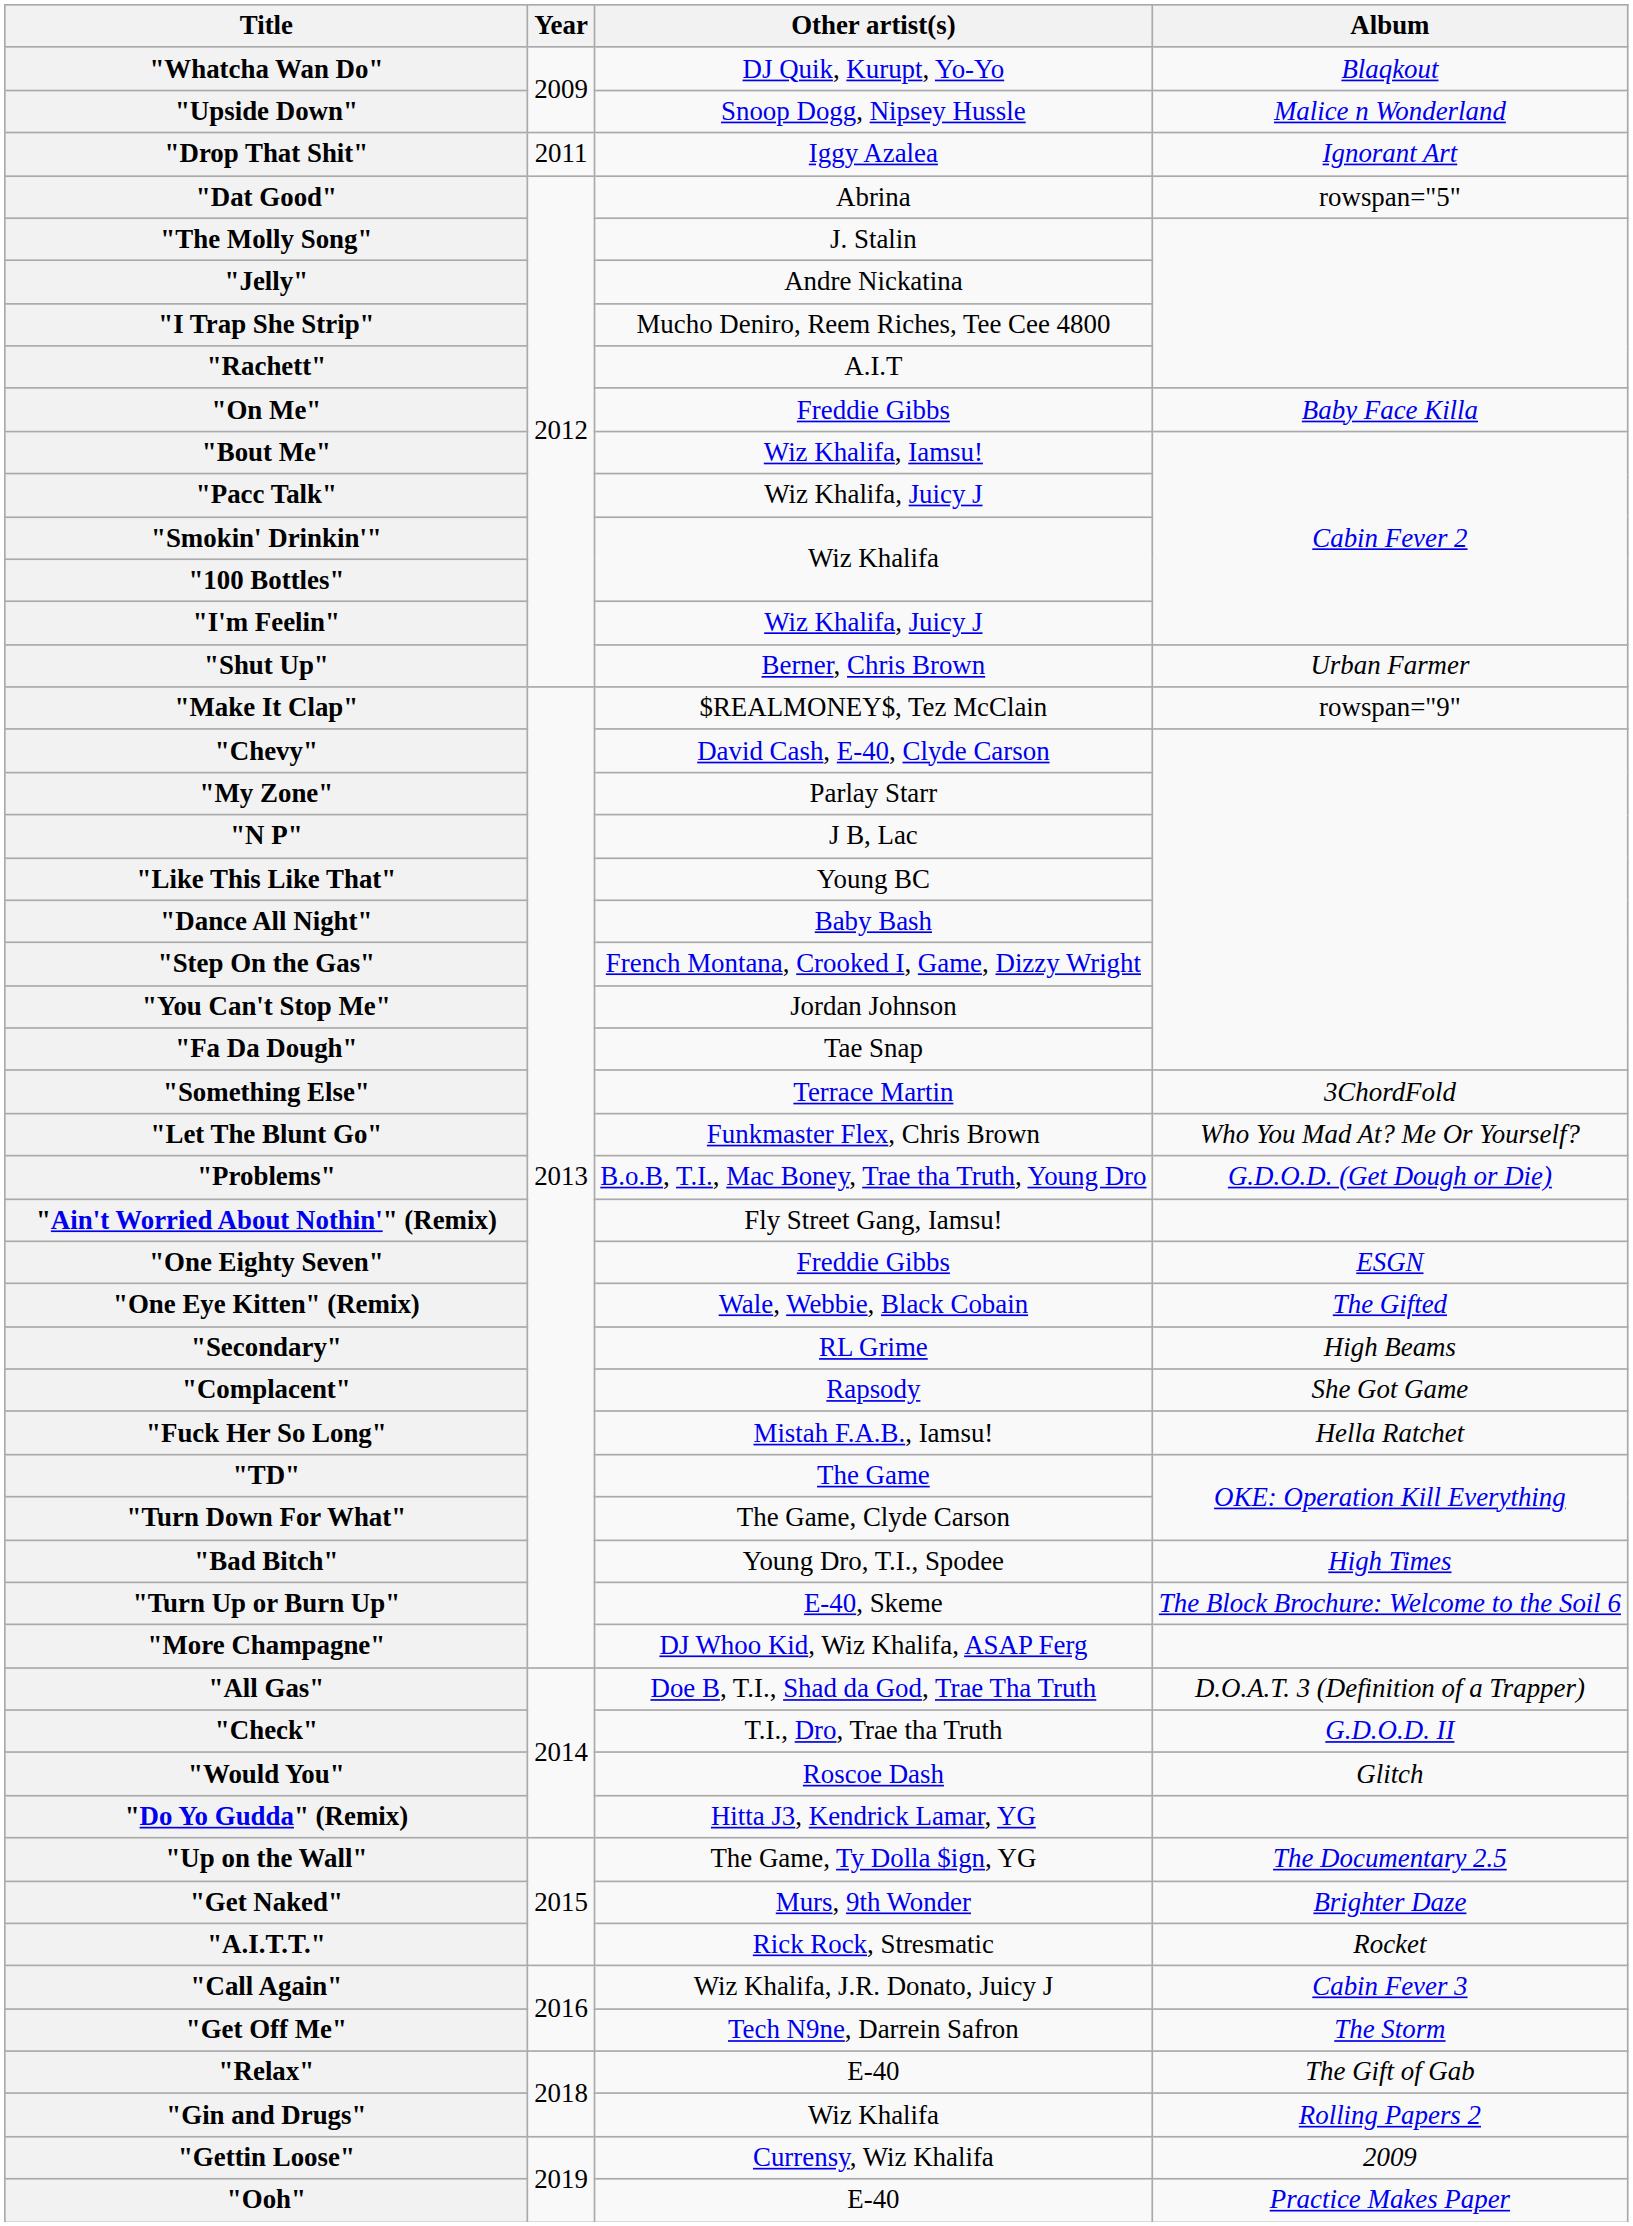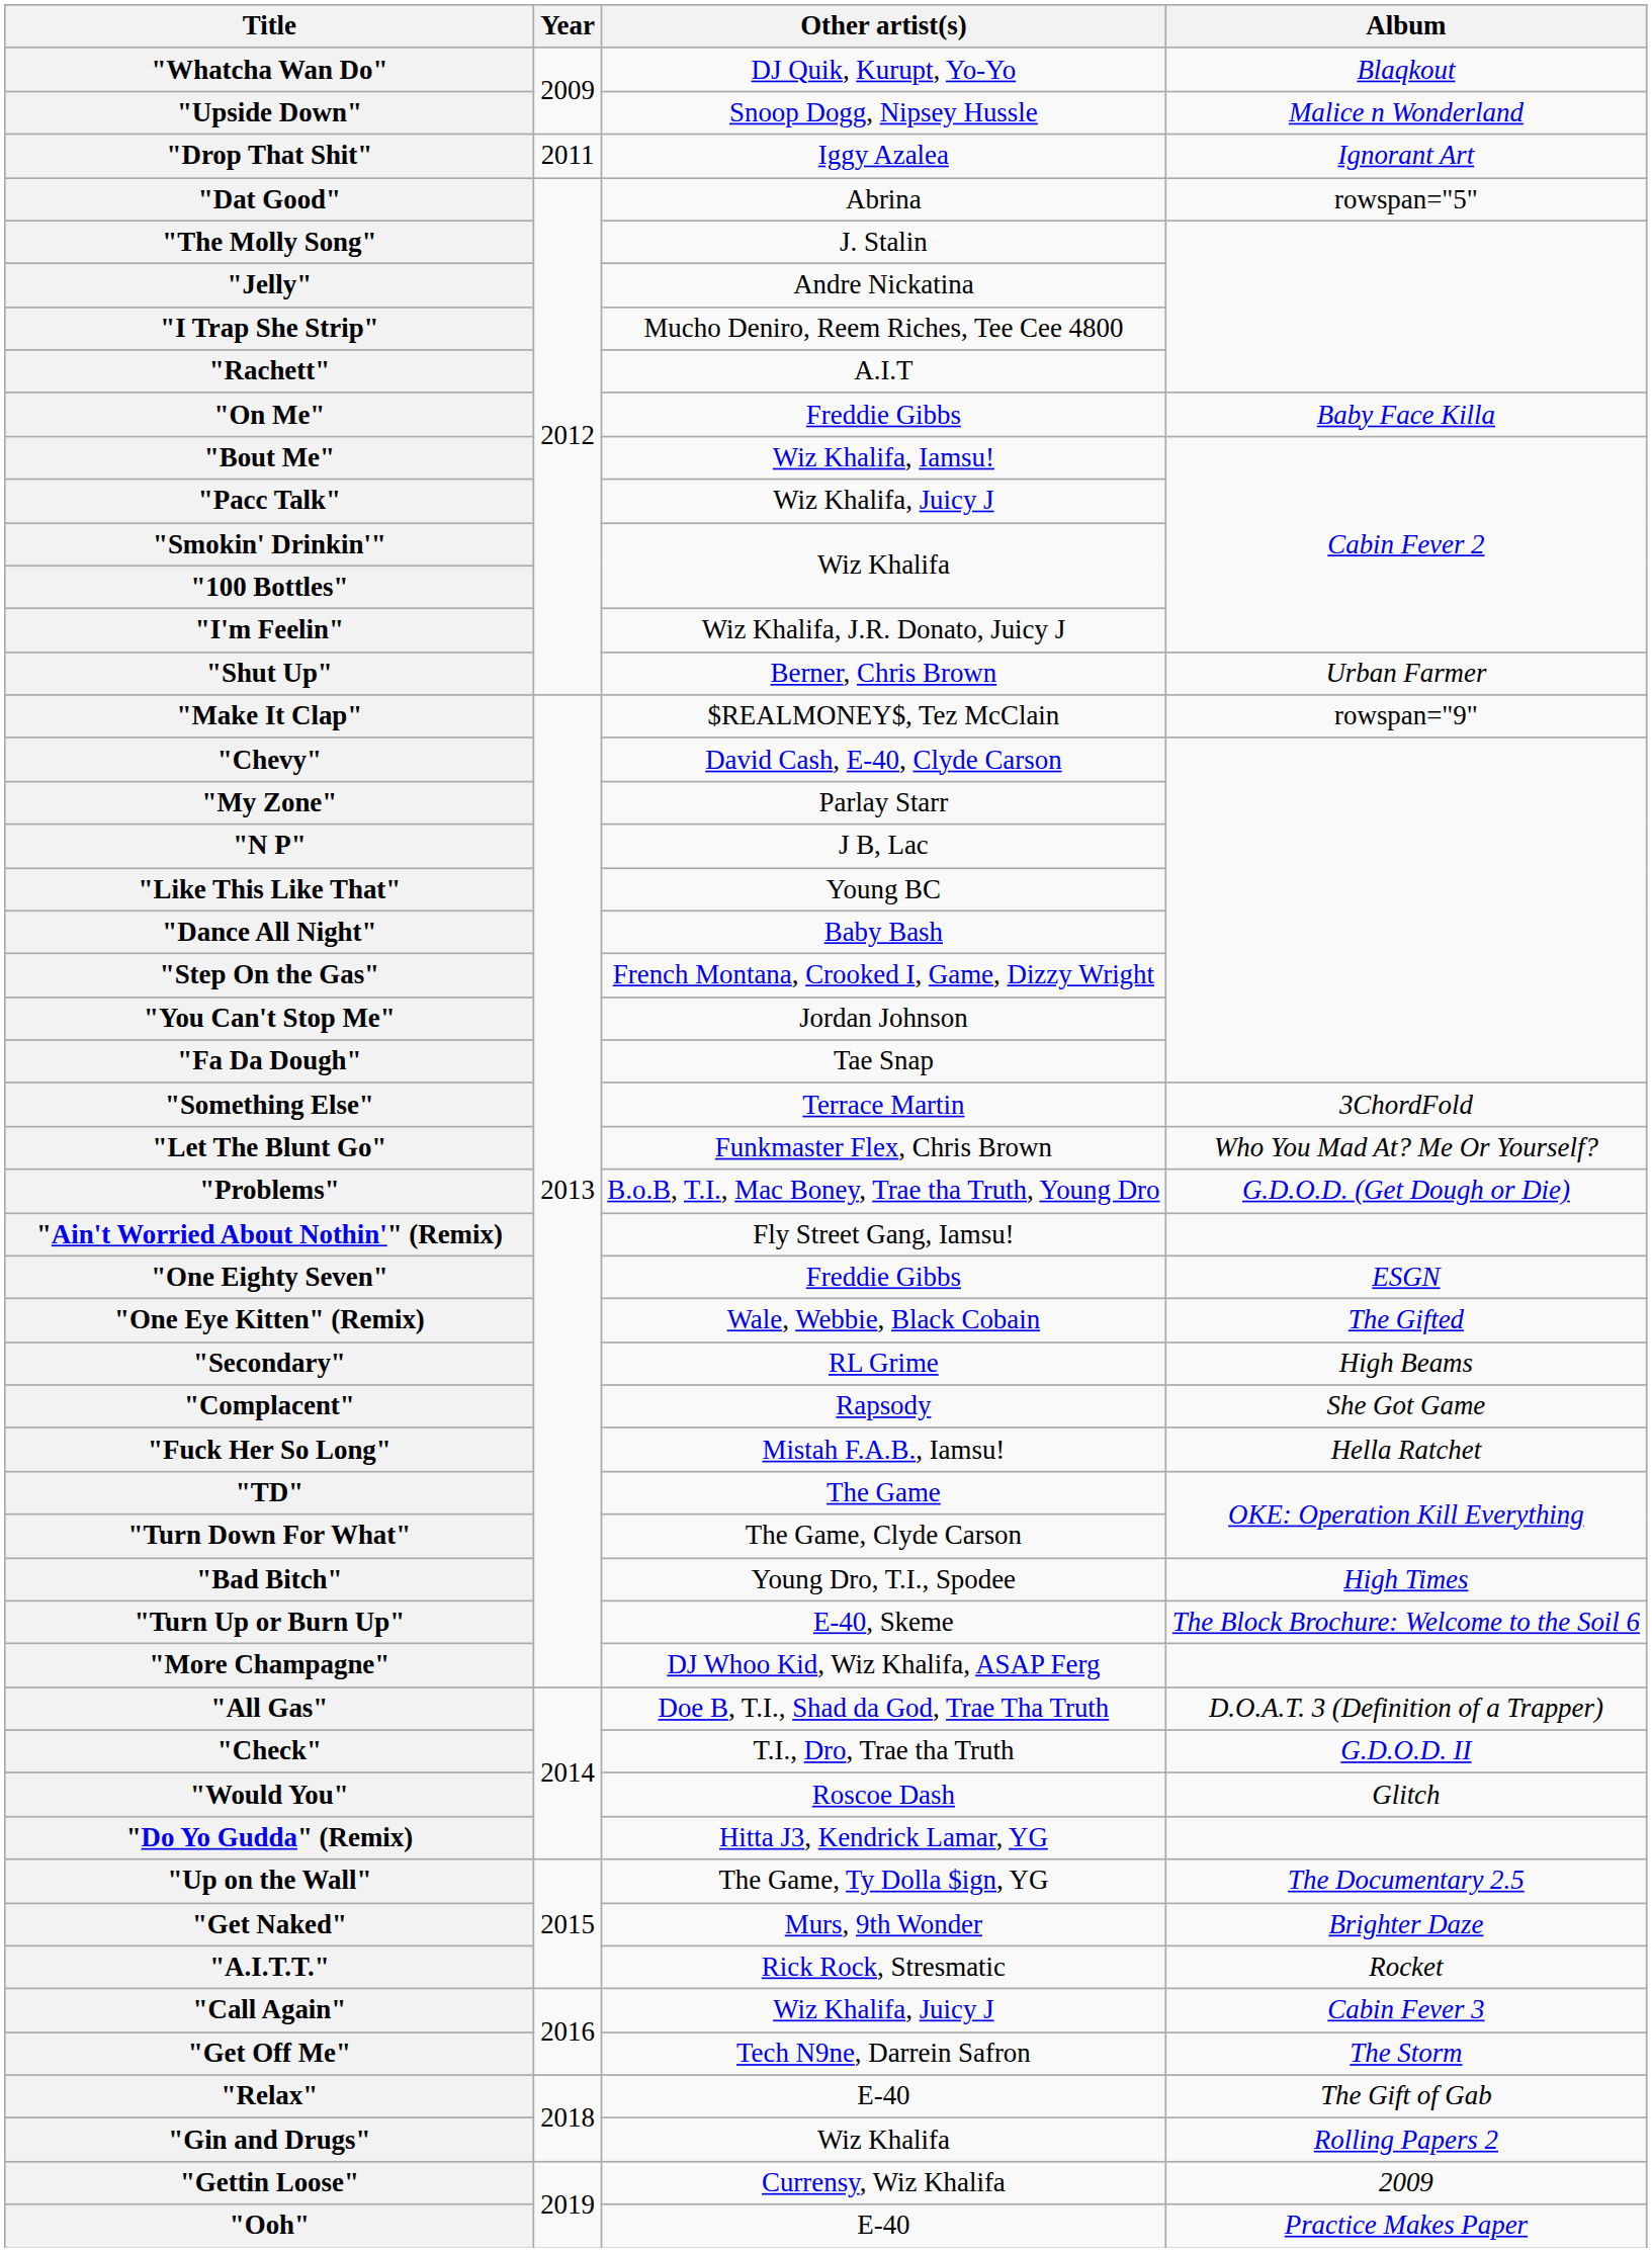 <table class="wikitable plainrowheaders" style="text-align:center;">
 <tr>
 <th scope="col" style="width:19em;">Title</th>
 <th scope="col">Year</th>
 <th scope="col">Other artist(s)</th>
 <th scope="col">Album</th>
 </tr>
 <tr>
 <th scope="row">"Whatcha Wan Do"</th>
 <td rowspan="2">2009</td>
 <td><a href='#'>DJ Quik</a>, <a href='#'>Kurupt</a>, <a href='#'>Yo-Yo</a></td>
 <td><em><a href='#'>Blaqkout</a></em></td>
 </tr>
 <tr>
 <th scope="row">"Upside Down"</th>
 <td><a href='#'>Snoop Dogg</a>, <a href='#'>Nipsey Hussle</a></td>
 <td><em><a href='#'>Malice n Wonderland</a></em></td>
 </tr>
 <tr>
 <th scope="row">"Drop That Shit"</th>
 <td>2011</td>
 <td><a href='#'>Iggy Azalea</a></td>
 <td><em><a href='#'>Ignorant Art</a></em></td>
 </tr>
 <tr>
 <th scope="row">"Dat Good"</th>
 <td rowspan="12">2012</td>
 <td>Abrina</td>
 <td>rowspan="5" </td>
 </tr>
 <tr>
 <th scope="row">"The Molly Song"</th>
 <td>J. Stalin</td>
 </tr>
 <tr>
 <th scope="row">"Jelly"</th>
 <td>Andre Nickatina</td>
 </tr>
 <tr>
 <th scope="row">"I Trap She Strip"</th>
 <td>Mucho Deniro, Reem Riches, Tee Cee 4800</td>
 </tr>
 <tr>
 <th scope="row">"Rachett"</th>
 <td>A.I.T</td>
 </tr>
 <tr>
 <th scope="row">"On Me"</th>
 <td><a href='#'>Freddie Gibbs</a></td>
 <td><em><a href='#'>Baby Face Killa</a></em></td>
 </tr>
 <tr>
 <th scope="row">"Bout Me"</th>
 <td><a href='#'>Wiz Khalifa</a>, <a href='#'>Iamsu!</a></td>
 <td rowspan="5"><em><a href='#'>Cabin Fever 2</a></em></td>
 </tr>
 <tr>
 <th scope="row">"Pacc Talk"</th>
 <td>Wiz Khalifa, <a href='#'>Juicy J</a></td>
 </tr>
 <tr>
 <th scope="row">"Smokin' Drinkin'"</th>
 <td rowspan="2">Wiz Khalifa</td>
 </tr>
 <tr>
 <th scope="row">"100 Bottles"</th>
 </tr>
 <tr>
 <th scope="row">"I'm Feelin"</th>
-<td><a href='#'>Wiz Khalifa</a>, <a href='#'>Juicy J</a></td>
+<td>Wiz Khalifa, J.R. Donato, Juicy J</td>
 </tr>
 <tr>
 <th scope="row">"Shut Up"</th>
 <td><a href='#'>Berner</a>, <a href='#'>Chris Brown</a></td>
 <td><em>Urban Farmer</em></td>
 </tr>
 <tr>
 <th scope="row">"Make It Clap"</th>
 <td rowspan="23">2013</td>
 <td>$REALMONEY$, Tez McClain</td>
 <td>rowspan="9" </td>
 </tr>
 <tr>
 <th scope="row">"Chevy"</th>
 <td><a href='#'>David Cash</a>, <a href='#'>E-40</a>, <a href='#'>Clyde Carson</a></td>
 </tr>
 <tr>
 <th scope="row">"My Zone"</th>
 <td>Parlay Starr</td>
 </tr>
 <tr>
 <th scope="row">"N P"</th>
 <td>J B, Lac</td>
 </tr>
 <tr>
 <th scope="row">"Like This Like That"</th>
 <td>Young BC</td>
 </tr>
 <tr>
 <th scope="row">"Dance All Night"</th>
 <td><a href='#'>Baby Bash</a></td>
 </tr>
 <tr>
 <th scope="row">"Step On the Gas"</th>
 <td><a href='#'>French Montana</a>, <a href='#'>Crooked I</a>, <a href='#'>Game</a>, <a href='#'>Dizzy Wright</a></td>
 </tr>
 <tr>
 <th scope="row">"You Can't Stop Me"</th>
 <td>Jordan Johnson</td>
 </tr>
 <tr>
 <th scope="row">"Fa Da Dough"</th>
 <td>Tae Snap</td>
 </tr>
 <tr>
 <th scope="row">"Something Else"</th>
 <td><a href='#'>Terrace Martin</a></td>
 <td><em>3ChordFold</em></td>
 </tr>
 <tr>
 <th scope="row">"Let The Blunt Go"</th>
 <td><a href='#'>Funkmaster Flex</a>, Chris Brown</td>
 <td><em>Who You Mad At? Me Or Yourself?</em></td>
 </tr>
 <tr>
 <th scope="row">"Problems"</th>
 <td><a href='#'>B.o.B</a>, <a href='#'>T.I.</a>, <a href='#'>Mac Boney</a>, <a href='#'>Trae tha Truth</a>, <a href='#'>Young Dro</a></td>
 <td><em><a href='#'>G.D.O.D. (Get Dough or Die)</a></em></td>
 </tr>
 <tr>
 <th scope="row">"<a href='#'>Ain't Worried About Nothin'</a>" (Remix)</th>
 <td>Fly Street Gang, Iamsu!</td>
 <td></td>
 </tr>
 <tr>
 <th scope="row">"One Eighty Seven"</th>
 <td><a href='#'>Freddie Gibbs</a></td>
 <td><em><a href='#'>ESGN</a></em></td>
 </tr>
 <tr>
 <th scope="row">"One Eye Kitten" (Remix)</th>
 <td><a href='#'>Wale</a>, <a href='#'>Webbie</a>, <a href='#'>Black Cobain</a></td>
 <td><em><a href='#'>The Gifted</a></em></td>
 </tr>
 <tr>
 <th scope="row">"Secondary"</th>
 <td><a href='#'>RL Grime</a></td>
 <td><em>High Beams</em></td>
 </tr>
 <tr>
 <th scope="row">"Complacent"</th>
 <td><a href='#'>Rapsody</a></td>
 <td><em>She Got Game</em></td>
 </tr>
 <tr>
 <th scope="row">"Fuck Her So Long"</th>
 <td><a href='#'>Mistah F.A.B.</a>, Iamsu!</td>
 <td><em>Hella Ratchet</em></td>
 </tr>
 <tr>
 <th scope="row">"TD"</th>
 <td><a href='#'>The Game</a></td>
 <td rowspan="2"><em><a href='#'>OKE: Operation Kill Everything</a></em></td>
 </tr>
 <tr>
 <th scope="row">"Turn Down For What"</th>
 <td>The Game, Clyde Carson</td>
 </tr>
 <tr>
 <th scope="row">"Bad Bitch"</th>
 <td>Young Dro, T.I., Spodee</td>
 <td><em><a href='#'>High Times</a></em></td>
 </tr>
 <tr>
 <th scope="row">"Turn Up or Burn Up"</th>
 <td><a href='#'>E-40</a>, Skeme</td>
 <td><em><a href='#'>The Block Brochure: Welcome to the Soil 6</a></em></td>
 </tr>
 <tr>
 <th scope="row">"More Champagne"</th>
 <td><a href='#'>DJ Whoo Kid</a>, Wiz Khalifa, <a href='#'>ASAP Ferg</a></td>
 <td></td>
 </tr>
 <tr>
 <th scope="row">"All Gas"</th>
 <td rowspan="4">2014</td>
 <td><a href='#'>Doe B</a>, T.I., <a href='#'>Shad da God</a>, <a href='#'>Trae Tha Truth</a></td>
 <td><em>D.O.A.T. 3 (Definition of a Trapper)</em></td>
 </tr>
 <tr>
 <th scope="row">"Check"</th>
 <td>T.I., <a href='#'>Dro</a>, Trae tha Truth</td>
 <td><em><a href='#'>G.D.O.D. II</a></em></td>
 </tr>
 <tr>
 <th scope="row">"Would You"</th>
 <td><a href='#'>Roscoe Dash</a></td>
 <td><em>Glitch</em></td>
 </tr>
 <tr>
 <th scope="row">"<a href='#'>Do Yo Gudda</a>" (Remix)</th>
 <td><a href='#'>Hitta J3</a>, <a href='#'>Kendrick Lamar</a>, <a href='#'>YG</a></td>
 <td></td>
 </tr>
 <tr>
 <th scope="row">"Up on the Wall"</th>
 <td rowspan="3">2015</td>
 <td>The Game, <a href='#'>Ty Dolla $ign</a>, YG</td>
 <td><em><a href='#'>The Documentary 2.5</a></em></td>
 </tr>
 <tr>
 <th scope="row">"Get Naked"</th>
 <td><a href='#'>Murs</a>, <a href='#'>9th Wonder</a></td>
 <td><em><a href='#'>Brighter Daze</a></em></td>
 </tr>
 <tr>
 <th scope="row">"A.I.T.T."</th>
 <td><a href='#'>Rick Rock</a>, Stresmatic</td>
 <td><em>Rocket</em></td>
 </tr>
 <tr>
 <th scope="row">"Call Again"</th>
 <td rowspan= "2">2016</td>
-<td>Wiz Khalifa, J.R. Donato, Juicy J</td>
+<td><a href='#'>Wiz Khalifa</a>, <a href='#'>Juicy J</a></td>
 <td><em><a href='#'>Cabin Fever 3</a></em></td>
 </tr>
 <tr>
 <th scope= "row">"Get Off Me"</th>
 <td><a href='#'>Tech N9ne</a>, Darrein Safron</td>
 <td><em><a href='#'>The Storm</a></em></td>
 </tr>
 <tr>
 <th scope="row">"Relax"</th>
 <td rowspan= "2">2018</td>
 <td>E-40</td>
 <td><em>The Gift of Gab</em></td>
 </tr>
 <tr>
 <th scope= "row">"Gin and Drugs"</th>
 <td>Wiz Khalifa</td>
 <td><em><a href='#'>Rolling Papers 2</a></em></td>
 </tr>
 <tr>
 <th scope="row">"Gettin Loose"</th>
 <td rowspan= "2">2019</td>
 <td><a href='#'>Currensy</a>, Wiz Khalifa</td>
 <td><em>2009</em></td>
 </tr>
 <tr>
 <th scope= "row">"Ooh"</th>
 <td>E-40</td>
 <td><em><a href='#'>Practice Makes Paper</a></em></td>
 </tr>
 </table>
